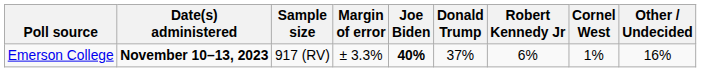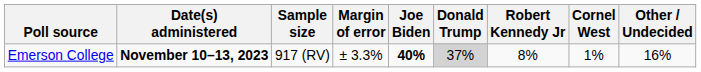 <table class="wikitable sortable mw-datatable" style="font-size:90%;text-align:center;line-height:17px">
 <tr valign=bottom>
 <th>Poll source</th>
 <th>Date(s)<br>administered</th>
 <th>Sample<br>size</th>
 <th>Margin<br>of error</th>
 <th class="unsortable">Joe<br>Biden<br></th>
 <th class="unsortable">Donald<br>Trump<br></th>
 <th class="unsortable">Robert<br>Kennedy Jr<br></th>
 <th class="unsortable">Cornel<br>West<br></th>
 <th class="unsortable">Other /<br>Undecided</th>
 </tr>
 <tr>
 <td style="text-align:left;"><a href='#'>Emerson College</a></td>
 <td data-sort-value="2023-11-15"><strong>November 10–13, 2023</strong></td>
 <td>917 (RV)</td>
 <td>± 3.3%</td>
 <td style="color:black;background-color:"><strong>40%</strong></td>
-<td>37%</td>
-<td>6%</td>
+<td style="background: lightgrey;">37%</td>
+<td>8%</td>
 <td>1%</td>
 <td>16%</td>
 </tr>
 </table>
